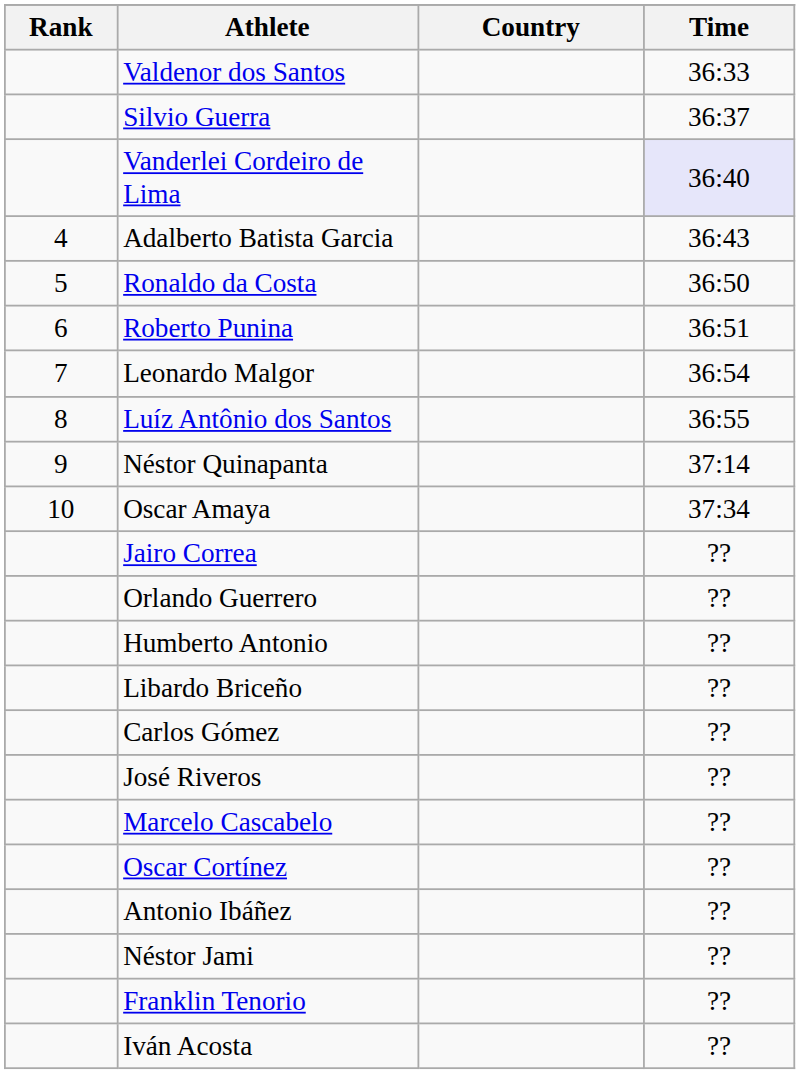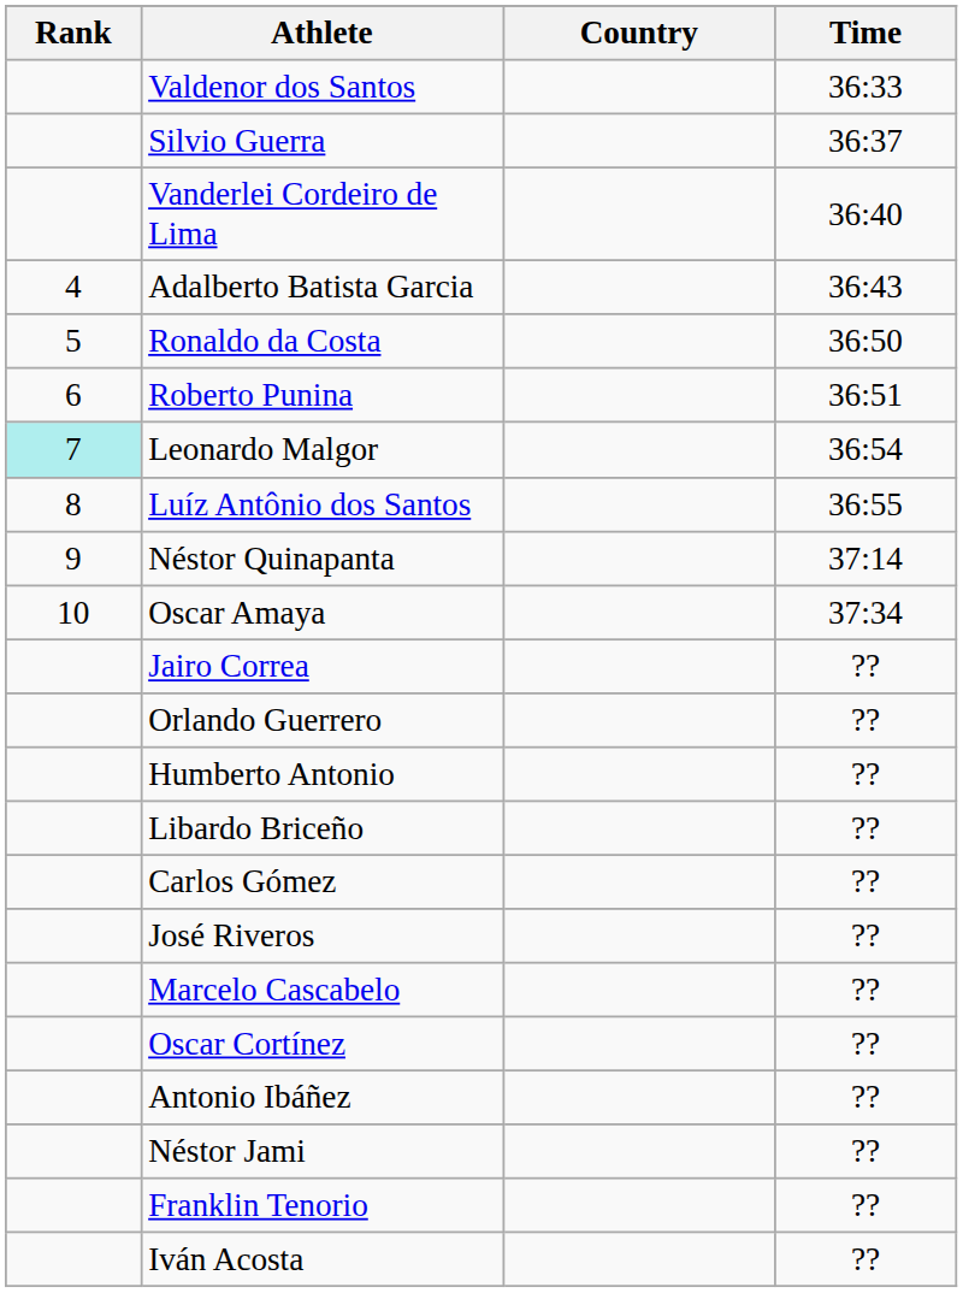 <table class="wikitable sortable" style=" text-align:center; font-size:95%;" width="50%">
 <tr>
 </tr>
 <tr>
 <th width=5%>Rank</th>
 <th width=20%>Athlete</th>
 <th width=15%>Country</th>
 <th width=10%>Time</th>
 </tr>
 <tr>
 <td align=center></td>
 <td align=left><a href='#'>Valdenor dos Santos</a></td>
 <td align=left></td>
 <td>36:33</td>
 </tr>
 <tr>
 <td align=center></td>
 <td align=left><a href='#'>Silvio Guerra</a></td>
 <td align=left></td>
 <td>36:37</td>
 </tr>
 <tr>
 <td align=center></td>
 <td align=left><a href='#'>Vanderlei Cordeiro de Lima</a></td>
 <td align=left></td>
-<td style="background: lavender;">36:40</td>
+<td>36:40</td>
 </tr>
 <tr>
 <td align=center>4</td>
 <td align=left>Adalberto Batista Garcia</td>
 <td align=left></td>
 <td>36:43</td>
 </tr>
 <tr>
 <td align=center>5</td>
 <td align=left><a href='#'>Ronaldo da Costa</a></td>
 <td align=left></td>
 <td>36:50</td>
 </tr>
 <tr>
 <td align=center>6</td>
 <td align=left><a href='#'>Roberto Punina</a></td>
 <td align=left></td>
 <td>36:51</td>
 </tr>
 <tr>
-<td align=center>7</td>
+<td align=center style="background: paleturquoise;">7</td>
 <td align=left>Leonardo Malgor</td>
 <td align=left></td>
 <td>36:54</td>
 </tr>
 <tr>
 <td align=center>8</td>
 <td align=left><a href='#'>Luíz Antônio dos Santos</a></td>
 <td align=left></td>
 <td>36:55</td>
 </tr>
 <tr>
 <td align=center>9</td>
 <td align=left>Néstor Quinapanta</td>
 <td align=left></td>
 <td>37:14</td>
 </tr>
 <tr>
 <td align=center>10</td>
 <td align=left>Oscar Amaya</td>
 <td align=left></td>
 <td>37:34</td>
 </tr>
 <tr>
 <td align=center></td>
 <td align=left><a href='#'>Jairo Correa</a></td>
 <td align=left></td>
 <td>??</td>
 </tr>
 <tr>
 <td align=center></td>
 <td align=left>Orlando Guerrero</td>
 <td align=left></td>
 <td>??</td>
 </tr>
 <tr>
 <td align=center></td>
 <td align=left>Humberto Antonio</td>
 <td align=left></td>
 <td>??</td>
 </tr>
 <tr>
 <td align=center></td>
 <td align=left>Libardo Briceño</td>
 <td align=left></td>
 <td>??</td>
 </tr>
 <tr>
 <td align=center></td>
 <td align=left>Carlos Gómez</td>
 <td align=left></td>
 <td>??</td>
 </tr>
 <tr>
 <td align=center></td>
 <td align=left>José Riveros</td>
 <td align=left></td>
 <td>??</td>
 </tr>
 <tr>
 <td align=center></td>
 <td align=left><a href='#'>Marcelo Cascabelo</a></td>
 <td align=left></td>
 <td>??</td>
 </tr>
 <tr>
 <td align=center></td>
 <td align=left><a href='#'>Oscar Cortínez</a></td>
 <td align=left></td>
 <td>??</td>
 </tr>
 <tr>
 <td align=center></td>
 <td align=left>Antonio Ibáñez</td>
 <td align=left></td>
 <td>??</td>
 </tr>
 <tr>
 <td align=center></td>
 <td align=left>Néstor Jami</td>
 <td align=left></td>
 <td>??</td>
 </tr>
 <tr>
 <td align=center></td>
 <td align=left><a href='#'>Franklin Tenorio</a></td>
 <td align=left></td>
 <td>??</td>
 </tr>
 <tr>
 <td align=center></td>
 <td align=left>Iván Acosta</td>
 <td align=left></td>
 <td>??</td>
 </tr>
 </table>
